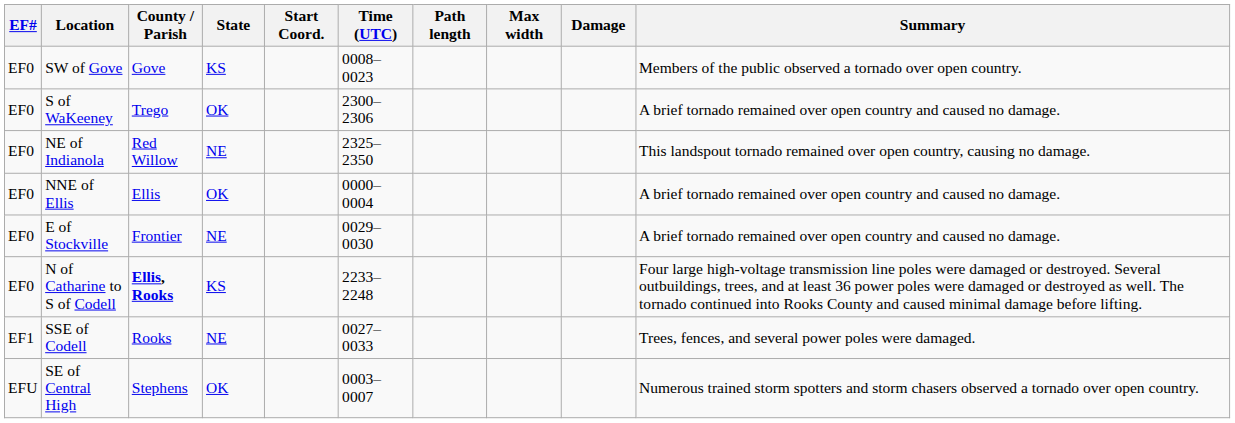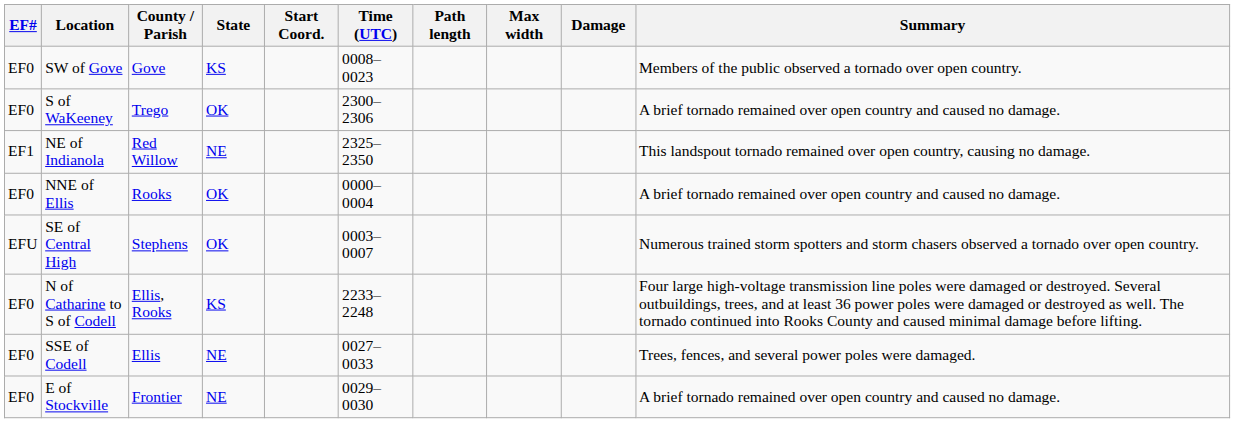 <table class="wikitable sortable" style="width:100%;">
 <tr>
 <th scope="col"  style="width:3%; text-align:center;"><a href='#'>EF#</a></th>
 <th scope="col"  style="width:7%; text-align:center;" class="unsortable">Location</th>
 <th scope="col"  style="width:6%; text-align:center;" class="unsortable">County / Parish</th>
 <th scope="col"  style="width:5%; text-align:center;">State</th>
 <th scope="col"  style="width:6%; text-align:center;">Start Coord.</th>
 <th scope="col"  style="width:6%; text-align:center;">Time (<a href='#'>UTC</a>)</th>
 <th scope="col"  style="width:6%; text-align:center;">Path length</th>
 <th scope="col"  style="width:6%; text-align:center;">Max width</th>
 <th scope="col"  style="width:6%; text-align:center;">Damage</th>
 <th scope="col" class="unsortable" style="width:48%; text-align:center;">Summary</th>
 </tr>
 <tr>
 <td>EF0</td>
 <td>SW of <a href='#'>Gove</a></td>
 <td><a href='#'>Gove</a></td>
 <td><a href='#'>KS</a></td>
 <td></td>
 <td>0008–0023</td>
 <td></td>
 <td></td>
 <td></td>
 <td>Members of the public observed a tornado over open country.</td>
 </tr>
 <tr>
 <td>EF0</td>
 <td>S of <a href='#'>WaKeeney</a></td>
 <td><a href='#'>Trego</a></td>
 <td><a href='#'>OK</a></td>
 <td></td>
 <td>2300–2306</td>
 <td></td>
 <td></td>
 <td></td>
 <td>A brief tornado remained over open country and caused no damage.</td>
 </tr>
 <tr>
-<td>EF0</td>
+<td>EF1</td>
 <td>NE of <a href='#'>Indianola</a></td>
 <td><a href='#'>Red Willow</a></td>
 <td><a href='#'>NE</a></td>
 <td></td>
 <td>2325–2350</td>
 <td></td>
 <td></td>
 <td></td>
 <td>This landspout tornado remained over open country, causing no damage.</td>
 </tr>
 <tr>
 <td>EF0</td>
 <td>NNE of <a href='#'>Ellis</a></td>
-<td><a href='#'>Ellis</a></td>
+<td><a href='#'>Rooks</a></td>
 <td><a href='#'>OK</a></td>
 <td></td>
 <td>0000–0004</td>
 <td></td>
 <td></td>
 <td></td>
 <td>A brief tornado remained over open country and caused no damage.</td>
+</tr>
+<tr>
+<td>EFU</td>
+<td>SE of <a href='#'>Central High</a></td>
+<td><a href='#'>Stephens</a></td>
+<td><a href='#'>OK</a></td>
+<td></td>
+<td>0003–0007</td>
+<td></td>
+<td></td>
+<td></td>
+<td>Numerous trained storm spotters and storm chasers observed a tornado over open country.</td>
+</tr>
+<tr>
+<td>EF0</td>
+<td>N of <a href='#'>Catharine</a> to S of <a href='#'>Codell</a></td>
+<td><a href='#'>Ellis</a>, <a href='#'>Rooks</a></td>
+<td><a href='#'>KS</a></td>
+<td></td>
+<td>2233–2248</td>
+<td></td>
+<td></td>
+<td></td>
+<td>Four large high-voltage transmission line poles were damaged or destroyed. Several outbuildings, trees, and at least 36 power poles were damaged or destroyed as well. The tornado continued into Rooks County and caused minimal damage before lifting.</td>
+</tr>
+<tr>
+<td>EF0</td>
+<td>SSE of <a href='#'>Codell</a></td>
+<td><a href='#'>Ellis</a></td>
+<td><a href='#'>NE</a></td>
+<td></td>
+<td>0027–0033</td>
+<td></td>
+<td></td>
+<td></td>
+<td>Trees, fences, and several power poles were damaged.</td>
 </tr>
 <tr>
 <td>EF0</td>
 <td>E of <a href='#'>Stockville</a></td>
 <td><a href='#'>Frontier</a></td>
 <td><a href='#'>NE</a></td>
 <td></td>
 <td>0029–0030</td>
 <td></td>
 <td></td>
 <td></td>
 <td>A brief tornado remained over open country and caused no damage.</td>
 </tr>
-<tr>
-<td>EF0</td>
-<td>N of <a href='#'>Catharine</a> to S of <a href='#'>Codell</a></td>
-<td><strong><a href='#'>Ellis</a>, <a href='#'>Rooks</a></strong></td>
-<td><a href='#'>KS</a></td>
-<td></td>
-<td>2233–2248</td>
-<td></td>
-<td></td>
-<td></td>
-<td>Four large high-voltage transmission line poles were damaged or destroyed. Several outbuildings, trees, and at least 36 power poles were damaged or destroyed as well. The tornado continued into Rooks County and caused minimal damage before lifting.</td>
-</tr>
-<tr>
-<td>EF1</td>
-<td>SSE of <a href='#'>Codell</a></td>
-<td><a href='#'>Rooks</a></td>
-<td><a href='#'>NE</a></td>
-<td></td>
-<td>0027–0033</td>
-<td></td>
-<td></td>
-<td></td>
-<td>Trees, fences, and several power poles were damaged.</td>
-</tr>
-<tr>
-<td>EFU</td>
-<td>SE of <a href='#'>Central High</a></td>
-<td><a href='#'>Stephens</a></td>
-<td><a href='#'>OK</a></td>
-<td></td>
-<td>0003–0007</td>
-<td></td>
-<td></td>
-<td></td>
-<td>Numerous trained storm spotters and storm chasers observed a tornado over open country.</td>
-</tr>
 </table>
